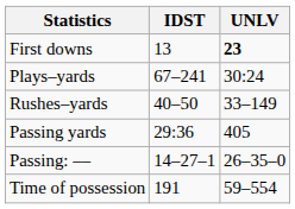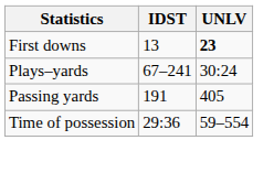 <table class="wikitable" style="float:left">
 <tr>
 <th>Statistics</th>
 <th>IDST</th>
 <th>UNLV</th>
 </tr>
 <tr>
 <td>First downs</td>
 <td>13</td>
 <td><strong>23</strong></td>
 </tr>
 <tr>
 <td>Plays–yards</td>
 <td>67–241</td>
 <td>30:24</td>
 </tr>
 <tr>
-<td>Rushes–yards</td>
-<td>40–50</td>
-<td>33–149</td>
-</tr>
-<tr>
 <td>Passing yards</td>
-<td>29:36</td>
+<td>191</td>
 <td>405</td>
 </tr>
 <tr>
-<td>Passing: ––</td>
-<td>14–27–1</td>
-<td>26–35–0</td>
-</tr>
-<tr>
 <td>Time of possession</td>
-<td>191</td>
+<td>29:36</td>
 <td>59–554</td>
 </tr>
 </table>
